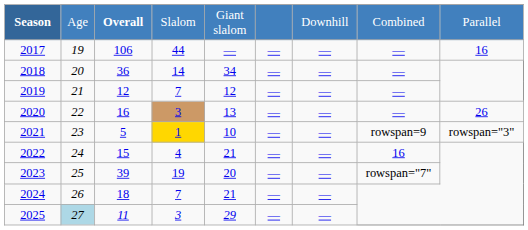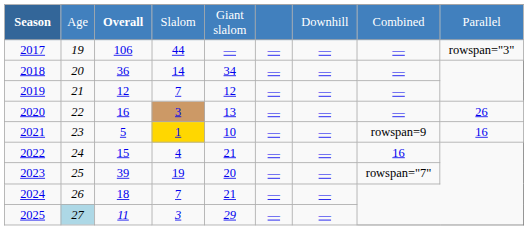 <table class="wikitable"  style="font-size:95%; text-align:center; border:gray solid 1px; width:40%;">
 <tr style="background:#369; color:white;">
 <td rowspan="2" style="width:6%;"><strong>Season</strong></td>
 </tr>
 <tr style="background:#4180be; color:white;">
 <td style="width:3%;">Age</td>
 <td style="width:5%;"><strong>Overall</strong></td>
 <td style="width:5%;">Slalom</td>
 <td style="width:5%;">Giant<br>slalom</td>
 <td style="width:5%;"></td>
 <td style="width:5%;">Downhill</td>
 <td style="width:5%;">Combined</td>
 <td style="width:5%;">Parallel</td>
 </tr>
 <tr>
 <td><a href='#'>2017</a></td>
 <td><em>19</em></td>
 <td><a href='#'>106</a></td>
 <td><a href='#'>44</a></td>
 <td><a href='#'>—</a></td>
 <td><a href='#'>—</a></td>
 <td><a href='#'>—</a></td>
 <td><a href='#'>—</a></td>
-<td><a href='#'>16</a></td>
+<td>rowspan="3" </td>
 </tr>
 <tr>
 <td><a href='#'>2018</a></td>
 <td><em>20</em></td>
 <td><a href='#'>36</a></td>
 <td><a href='#'>14</a></td>
 <td><a href='#'>34</a></td>
 <td><a href='#'>—</a></td>
 <td><a href='#'>—</a></td>
 <td><a href='#'>—</a></td>
 </tr>
 <tr>
 <td><a href='#'>2019</a></td>
 <td><em>21</em></td>
 <td><a href='#'>12</a></td>
 <td><a href='#'>7</a></td>
 <td><a href='#'>12</a></td>
 <td><a href='#'>—</a></td>
 <td><a href='#'>—</a></td>
 <td><a href='#'>—</a></td>
 </tr>
 <tr>
 <td><a href='#'>2020</a></td>
 <td><em>22</em></td>
 <td><a href='#'>16</a></td>
 <td style="background:#c96;"><a href='#'>3</a></td>
 <td><a href='#'>13</a></td>
 <td><a href='#'>—</a></td>
 <td><a href='#'>—</a></td>
 <td><a href='#'>—</a></td>
 <td><a href='#'>26</a></td>
 </tr>
 <tr>
 <td><a href='#'>2021</a></td>
 <td><em>23</em></td>
 <td><a href='#'>5</a></td>
 <td style="background:gold;"><a href='#'>1</a></td>
 <td><a href='#'>10</a></td>
 <td><a href='#'>—</a></td>
 <td><a href='#'>—</a></td>
 <td>rowspan=9 </td>
-<td>rowspan="3" </td>
+<td><a href='#'>16</a></td>
 </tr>
 <tr>
 <td><a href='#'>2022</a></td>
 <td><em>24</em></td>
 <td><a href='#'>15</a></td>
 <td><a href='#'>4</a></td>
 <td><a href='#'>21</a></td>
 <td><a href='#'>—</a></td>
 <td><a href='#'>—</a></td>
 <td><a href='#'>16</a></td>
 </tr>
 <tr>
 <td><a href='#'>2023</a></td>
 <td><em>25</em></td>
 <td><a href='#'>39</a></td>
 <td><a href='#'>19</a></td>
 <td><a href='#'>20</a></td>
 <td><a href='#'>—</a></td>
 <td><a href='#'>—</a></td>
 <td>rowspan="7" </td>
 </tr>
 <tr>
 <td><a href='#'>2024</a></td>
 <td><em>26</em></td>
 <td><a href='#'>18</a></td>
 <td><a href='#'>7</a></td>
 <td><a href='#'>21</a></td>
 <td><a href='#'>—</a></td>
 <td><a href='#'>—</a></td>
 </tr>
 <tr>
 <td><a href='#'>2025</a></td>
 <td style="background: lightblue;"><em>27</em></td>
 <td><a href='#'><em>11</em></a></td>
 <td><a href='#'><em>3</em></a></td>
 <td><a href='#'><em>29</em></a></td>
 <td><a href='#'>—</a></td>
 <td><a href='#'>—</a></td>
 </tr>
 </table>
